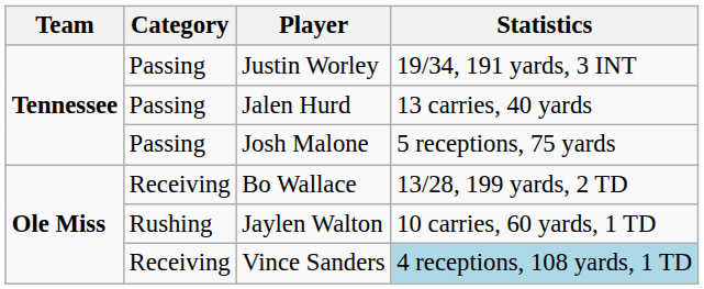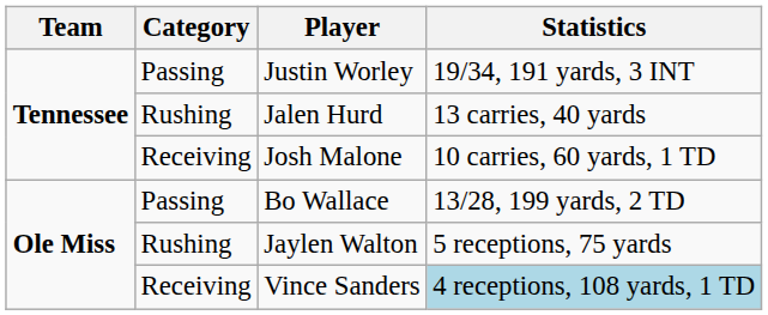 <table class="wikitable" style="float: right;">
 <tr>
 <th>Team</th>
 <th>Category</th>
 <th>Player</th>
 <th>Statistics</th>
 </tr>
 <tr>
 <td rowspan=3><strong>Tennessee</strong></td>
 <td>Passing</td>
 <td>Justin Worley</td>
 <td>19/34, 191 yards, 3 INT</td>
 </tr>
 <tr>
-<td>Passing</td>
+<td>Rushing</td>
 <td>Jalen Hurd</td>
 <td>13 carries, 40 yards</td>
 </tr>
 <tr>
-<td>Passing</td>
+<td>Receiving</td>
 <td>Josh Malone</td>
-<td>5 receptions, 75 yards</td>
+<td>10 carries, 60 yards, 1 TD</td>
 </tr>
 <tr>
 <td rowspan=3><strong>Ole Miss</strong></td>
-<td>Receiving</td>
+<td>Passing</td>
 <td>Bo Wallace</td>
 <td>13/28, 199 yards, 2 TD</td>
 </tr>
 <tr>
 <td>Rushing</td>
 <td>Jaylen Walton</td>
-<td>10 carries, 60 yards, 1 TD</td>
+<td>5 receptions, 75 yards</td>
 </tr>
 <tr>
 <td>Receiving</td>
 <td>Vince Sanders</td>
 <td style="background: lightblue;">4 receptions, 108 yards, 1 TD</td>
 </tr>
 </table>
